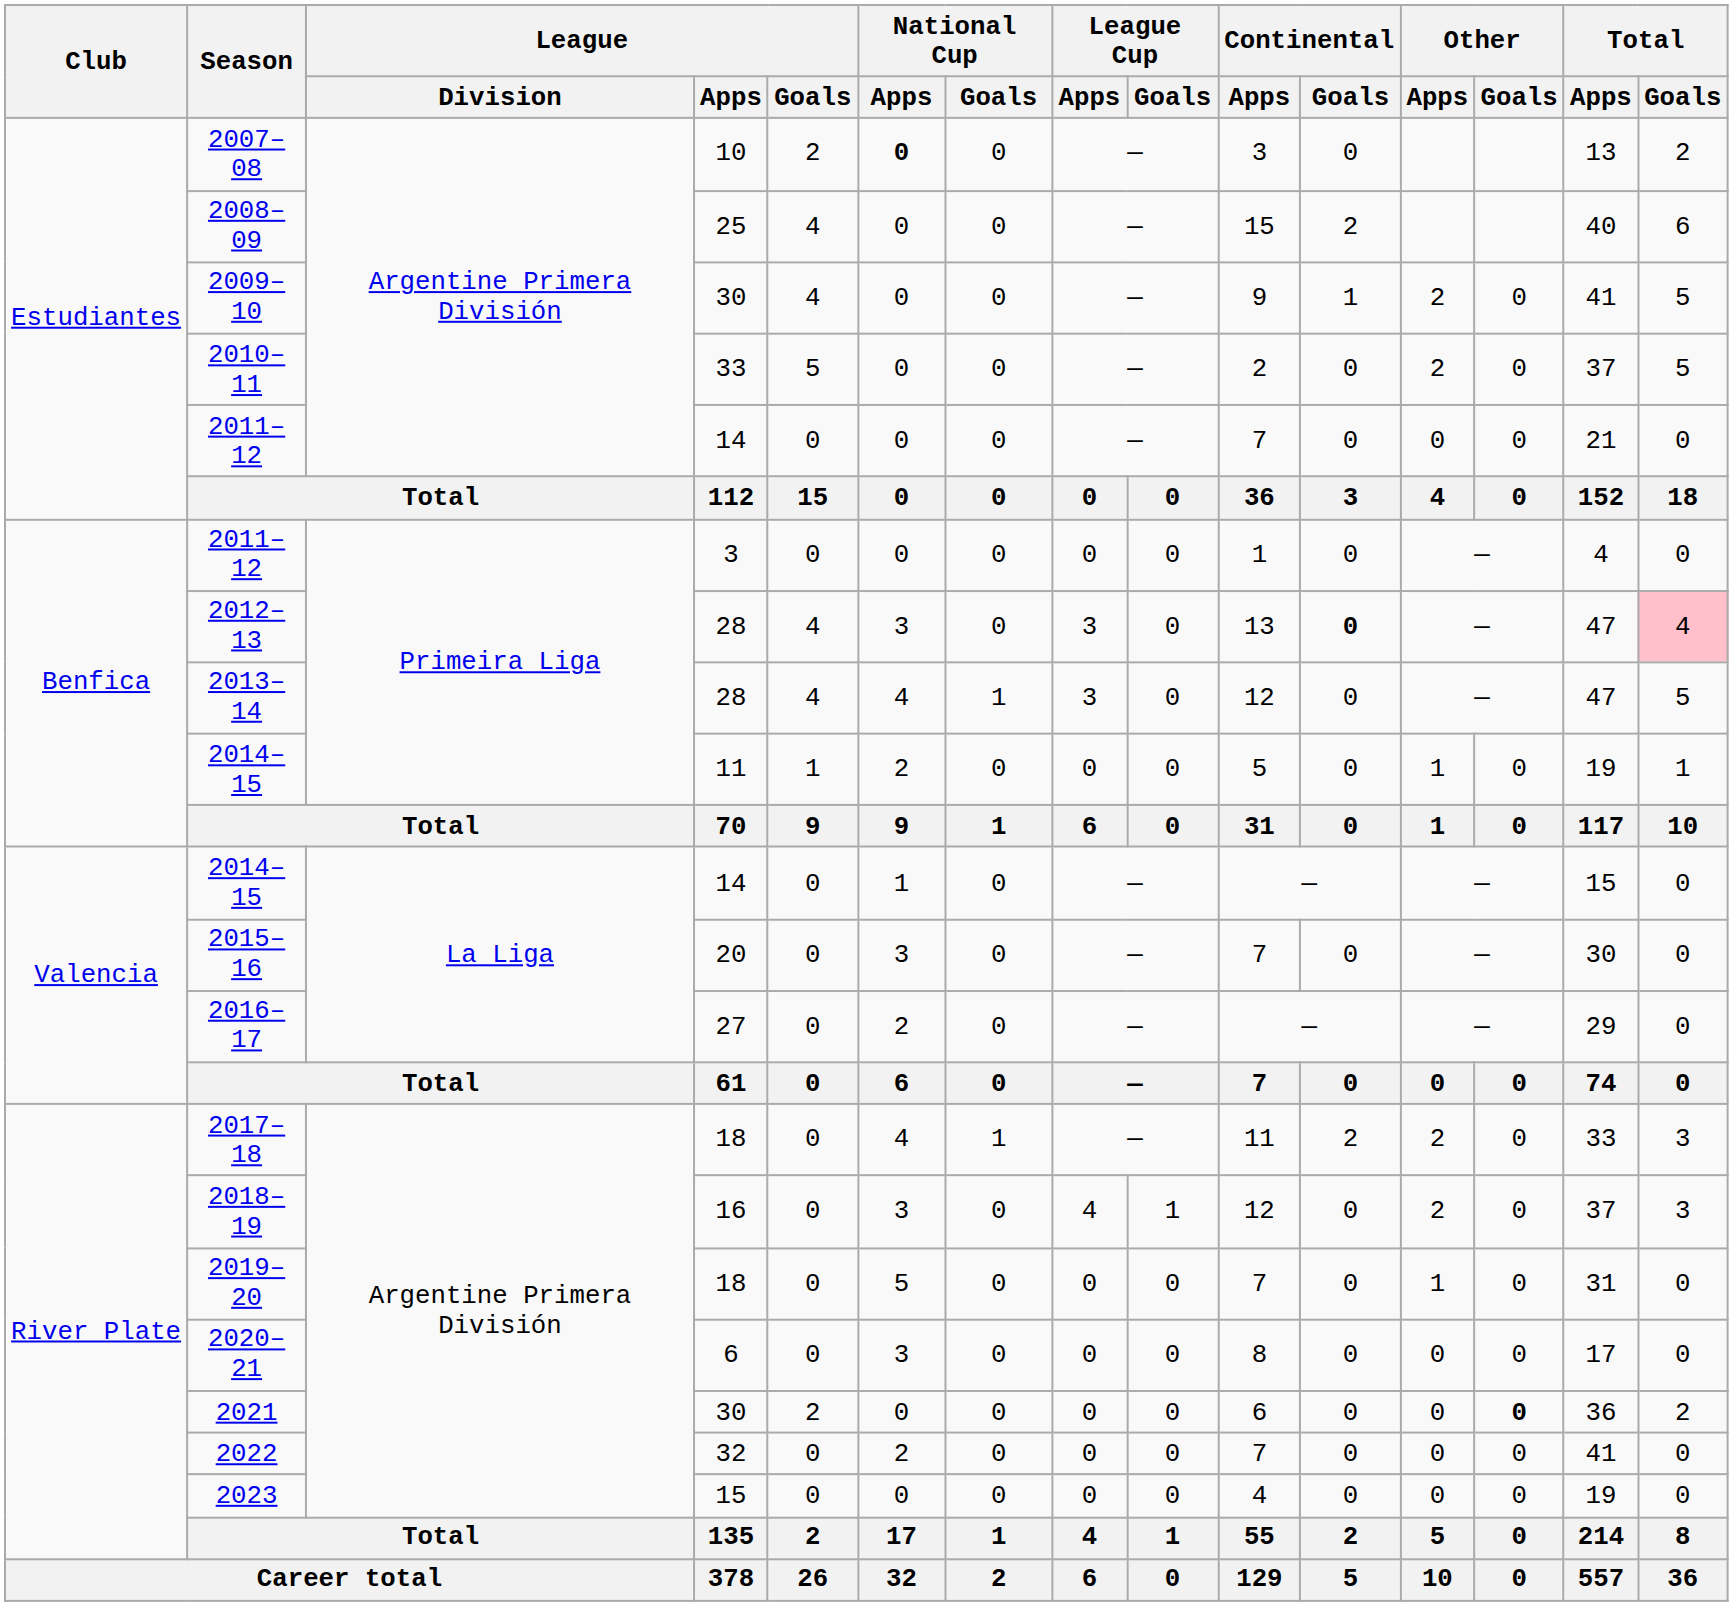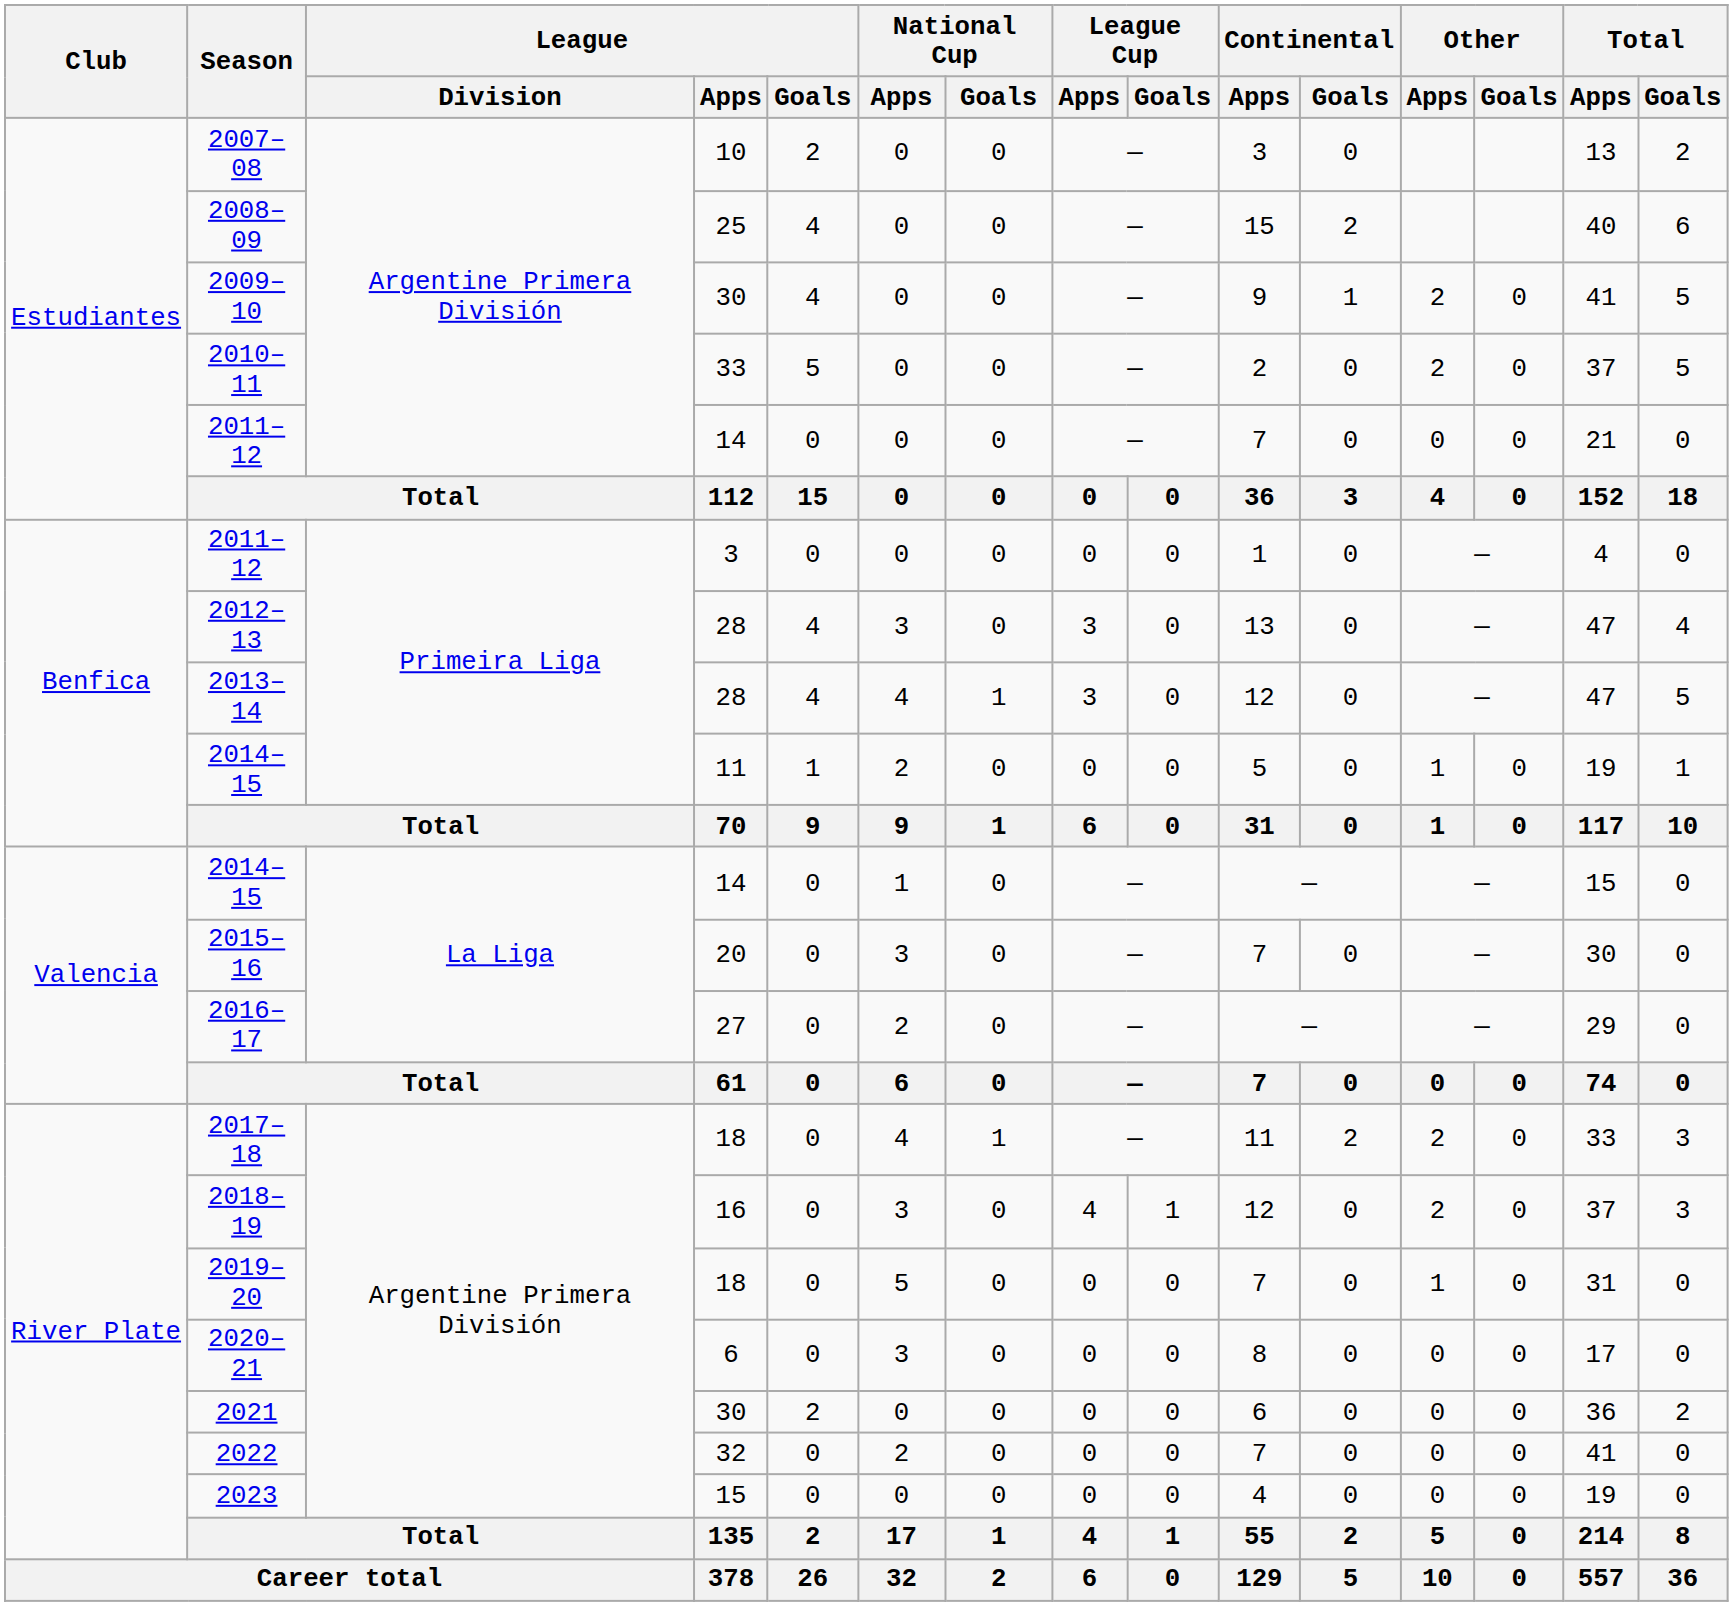 <table class="wikitable" style="text-align:center">
 <tr>
 <th rowspan="2">Club</th>
 <th rowspan="2">Season</th>
 <th colspan="3">League</th>
 <th colspan="2">National Cup</th>
 <th colspan="2">League Cup</th>
 <th colspan="2">Continental</th>
 <th colspan="2">Other</th>
 <th colspan="2">Total</th>
 </tr>
 <tr>
 <th>Division</th>
 <th>Apps</th>
 <th>Goals</th>
 <th>Apps</th>
 <th>Goals</th>
 <th>Apps</th>
 <th>Goals</th>
 <th>Apps</th>
 <th>Goals</th>
 <th>Apps</th>
 <th>Goals</th>
 <th>Apps</th>
 <th>Goals</th>
 </tr>
 <tr>
 <td rowspan="6"><a href='#'>Estudiantes</a></td>
 <td><a href='#'>2007–08</a></td>
 <td rowspan="5"><a href='#'>Argentine Primera División</a></td>
 <td>10</td>
 <td>2</td>
-<td><strong>0</strong></td>
+<td>0</td>
 <td>0</td>
 <td colspan="2">—</td>
 <td>3</td>
 <td>0</td>
 <td></td>
 <td></td>
 <td>13</td>
 <td>2</td>
 </tr>
 <tr>
 <td><a href='#'>2008–09</a></td>
 <td>25</td>
 <td>4</td>
 <td>0</td>
 <td>0</td>
 <td colspan="2">—</td>
 <td>15</td>
 <td>2</td>
 <td></td>
 <td></td>
 <td>40</td>
 <td>6</td>
 </tr>
 <tr>
 <td><a href='#'>2009–10</a></td>
 <td>30</td>
 <td>4</td>
 <td>0</td>
 <td>0</td>
 <td colspan="2">—</td>
 <td>9</td>
 <td>1</td>
 <td>2</td>
 <td>0</td>
 <td>41</td>
 <td>5</td>
 </tr>
 <tr>
 <td><a href='#'>2010–11</a></td>
 <td>33</td>
 <td>5</td>
 <td>0</td>
 <td>0</td>
 <td colspan="2">—</td>
 <td>2</td>
 <td>0</td>
 <td>2</td>
 <td>0</td>
 <td>37</td>
 <td>5</td>
 </tr>
 <tr>
 <td><a href='#'>2011–12</a></td>
 <td>14</td>
 <td>0</td>
 <td>0</td>
 <td>0</td>
 <td colspan="2">—</td>
 <td>7</td>
 <td>0</td>
 <td>0</td>
 <td>0</td>
 <td>21</td>
 <td>0</td>
 </tr>
 <tr>
 <th colspan="2">Total</th>
 <th>112</th>
 <th>15</th>
 <th>0</th>
 <th>0</th>
 <th>0</th>
 <th>0</th>
 <th>36</th>
 <th>3</th>
 <th>4</th>
 <th>0</th>
 <th>152</th>
 <th>18</th>
 </tr>
 <tr>
 <td rowspan="5"><a href='#'>Benfica</a></td>
 <td><a href='#'>2011–12</a></td>
 <td rowspan="4"><a href='#'>Primeira Liga</a></td>
 <td>3</td>
 <td>0</td>
 <td>0</td>
 <td>0</td>
 <td>0</td>
 <td>0</td>
 <td>1</td>
 <td>0</td>
 <td colspan="2">—</td>
 <td>4</td>
 <td>0</td>
 </tr>
 <tr>
 <td><a href='#'>2012–13</a></td>
 <td>28</td>
 <td>4</td>
 <td>3</td>
 <td>0</td>
 <td>3</td>
 <td>0</td>
 <td>13</td>
-<td><strong>0</strong></td>
+<td>0</td>
 <td colspan="2">—</td>
 <td>47</td>
-<td style="background: pink;">4</td>
+<td>4</td>
 </tr>
 <tr>
 <td><a href='#'>2013–14</a></td>
 <td>28</td>
 <td>4</td>
 <td>4</td>
 <td>1</td>
 <td>3</td>
 <td>0</td>
 <td>12</td>
 <td>0</td>
 <td colspan="2">—</td>
 <td>47</td>
 <td>5</td>
 </tr>
 <tr>
 <td><a href='#'>2014–15</a></td>
 <td>11</td>
 <td>1</td>
 <td>2</td>
 <td>0</td>
 <td>0</td>
 <td>0</td>
 <td>5</td>
 <td>0</td>
 <td>1</td>
 <td>0</td>
 <td>19</td>
 <td>1</td>
 </tr>
 <tr>
 <th colspan="2">Total</th>
 <th>70</th>
 <th>9</th>
 <th>9</th>
 <th>1</th>
 <th>6</th>
 <th>0</th>
 <th>31</th>
 <th>0</th>
 <th>1</th>
 <th>0</th>
 <th>117</th>
 <th>10</th>
 </tr>
 <tr>
 <td rowspan="4"><a href='#'>Valencia</a></td>
 <td><a href='#'>2014–15</a></td>
 <td rowspan="3"><a href='#'>La Liga</a></td>
 <td>14</td>
 <td>0</td>
 <td>1</td>
 <td>0</td>
 <td colspan="2">—</td>
 <td colspan="2">—</td>
 <td colspan="2">—</td>
 <td>15</td>
 <td>0</td>
 </tr>
 <tr>
 <td><a href='#'>2015–16</a></td>
 <td>20</td>
 <td>0</td>
 <td>3</td>
 <td>0</td>
 <td colspan="2">—</td>
 <td>7</td>
 <td>0</td>
 <td colspan="2">—</td>
 <td>30</td>
 <td>0</td>
 </tr>
 <tr>
 <td><a href='#'>2016–17</a></td>
 <td>27</td>
 <td>0</td>
 <td>2</td>
 <td>0</td>
 <td colspan="2">—</td>
 <td colspan="2">—</td>
 <td colspan="2">—</td>
 <td>29</td>
 <td>0</td>
 </tr>
 <tr>
 <th colspan="2">Total</th>
 <th>61</th>
 <th>0</th>
 <th>6</th>
 <th>0</th>
 <th colspan="2">—</th>
 <th>7</th>
 <th>0</th>
 <th>0</th>
 <th>0</th>
 <th>74</th>
 <th>0</th>
 </tr>
 <tr>
 <td rowspan="8"><a href='#'>River Plate</a></td>
 <td><a href='#'>2017–18</a></td>
 <td rowspan="7">Argentine Primera División</td>
 <td>18</td>
 <td>0</td>
 <td>4</td>
 <td>1</td>
 <td colspan="2">—</td>
 <td>11</td>
 <td>2</td>
 <td>2</td>
 <td>0</td>
 <td>33</td>
 <td>3</td>
 </tr>
 <tr>
 <td><a href='#'>2018–19</a></td>
 <td>16</td>
 <td>0</td>
 <td>3</td>
 <td>0</td>
 <td>4</td>
 <td>1</td>
 <td>12</td>
 <td>0</td>
 <td>2</td>
 <td>0</td>
 <td>37</td>
 <td>3</td>
 </tr>
 <tr>
 <td><a href='#'>2019–20</a></td>
 <td>18</td>
 <td>0</td>
 <td>5</td>
 <td>0</td>
 <td>0</td>
 <td>0</td>
 <td>7</td>
 <td>0</td>
 <td>1</td>
 <td>0</td>
 <td>31</td>
 <td>0</td>
 </tr>
 <tr>
 <td><a href='#'>2020–21</a></td>
 <td>6</td>
 <td>0</td>
 <td>3</td>
 <td>0</td>
 <td>0</td>
 <td>0</td>
 <td>8</td>
 <td>0</td>
 <td>0</td>
 <td>0</td>
 <td>17</td>
 <td>0</td>
 </tr>
 <tr>
 <td><a href='#'>2021</a></td>
 <td>30</td>
 <td>2</td>
 <td>0</td>
 <td>0</td>
 <td>0</td>
 <td>0</td>
 <td>6</td>
 <td>0</td>
 <td>0</td>
-<td><strong>0</strong></td>
+<td>0</td>
 <td>36</td>
 <td>2</td>
 </tr>
 <tr>
 <td><a href='#'>2022</a></td>
 <td>32</td>
 <td>0</td>
 <td>2</td>
 <td>0</td>
 <td>0</td>
 <td>0</td>
 <td>7</td>
 <td>0</td>
 <td>0</td>
 <td>0</td>
 <td>41</td>
 <td>0</td>
 </tr>
 <tr>
 <td><a href='#'>2023</a></td>
 <td>15</td>
 <td>0</td>
 <td>0</td>
 <td>0</td>
 <td>0</td>
 <td>0</td>
 <td>4</td>
 <td>0</td>
 <td>0</td>
 <td>0</td>
 <td>19</td>
 <td>0</td>
 </tr>
 <tr>
 <th colspan="2">Total</th>
 <th>135</th>
 <th>2</th>
 <th>17</th>
 <th>1</th>
 <th>4</th>
 <th>1</th>
 <th>55</th>
 <th>2</th>
 <th>5</th>
 <th>0</th>
 <th>214</th>
 <th>8</th>
 </tr>
 <tr>
 <th colspan="3">Career total</th>
 <th>378</th>
 <th>26</th>
 <th>32</th>
 <th>2</th>
 <th>6</th>
 <th>0</th>
 <th>129</th>
 <th>5</th>
 <th>10</th>
 <th>0</th>
 <th>557</th>
 <th>36</th>
 </tr>
 </table>
